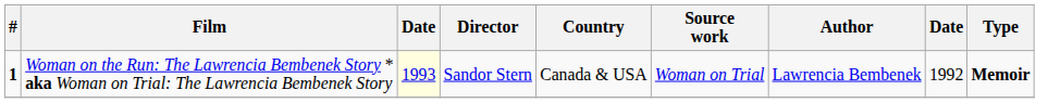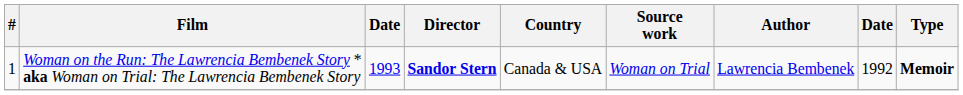 <table class="wikitable">
 <tr>
 <th>#</th>
 <th>Film</th>
 <th>Date</th>
 <th>Director</th>
 <th>Country</th>
 <th>Source<br>work</th>
 <th>Author</th>
 <th>Date</th>
 <th>Type</th>
 </tr>
 <tr>
-<td><strong>1</strong></td>
+<td>1</td>
 <td><em><a href='#'>Woman on the Run: The Lawrencia Bembenek Story</a></em> *<br><strong>aka</strong> <em>Woman on Trial: The Lawrencia Bembenek Story</em></td>
-<td style="background: lightyellow;"><a href='#'>1993</a></td>
-<td><a href='#'>Sandor Stern</a></td>
+<td><a href='#'>1993</a></td>
+<td><strong><a href='#'>Sandor Stern</a></strong></td>
 <td>Canada & USA</td>
 <td><em><a href='#'>Woman on Trial</a></em></td>
 <td><a href='#'>Lawrencia Bembenek</a></td>
 <td>1992</td>
 <td><strong>Memoir</strong></td>
 </tr>
 <tr>
 </tr>
 </table>
